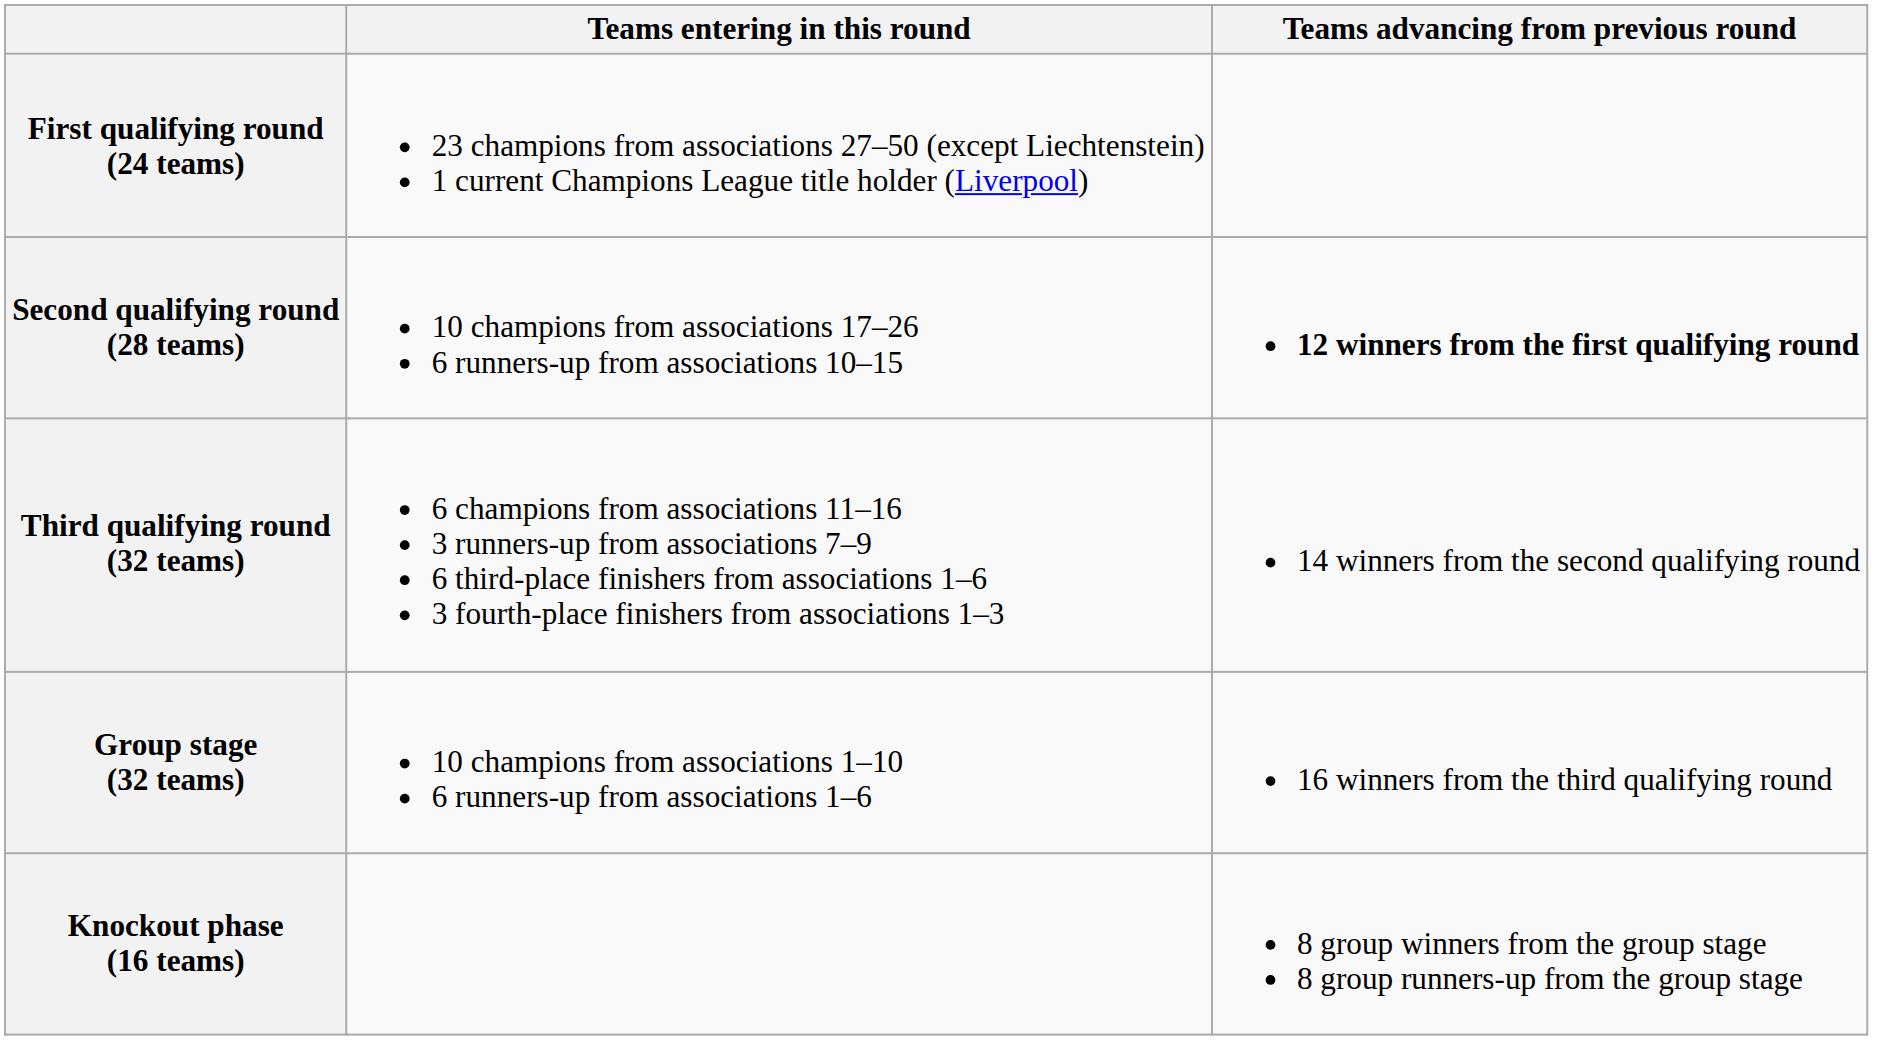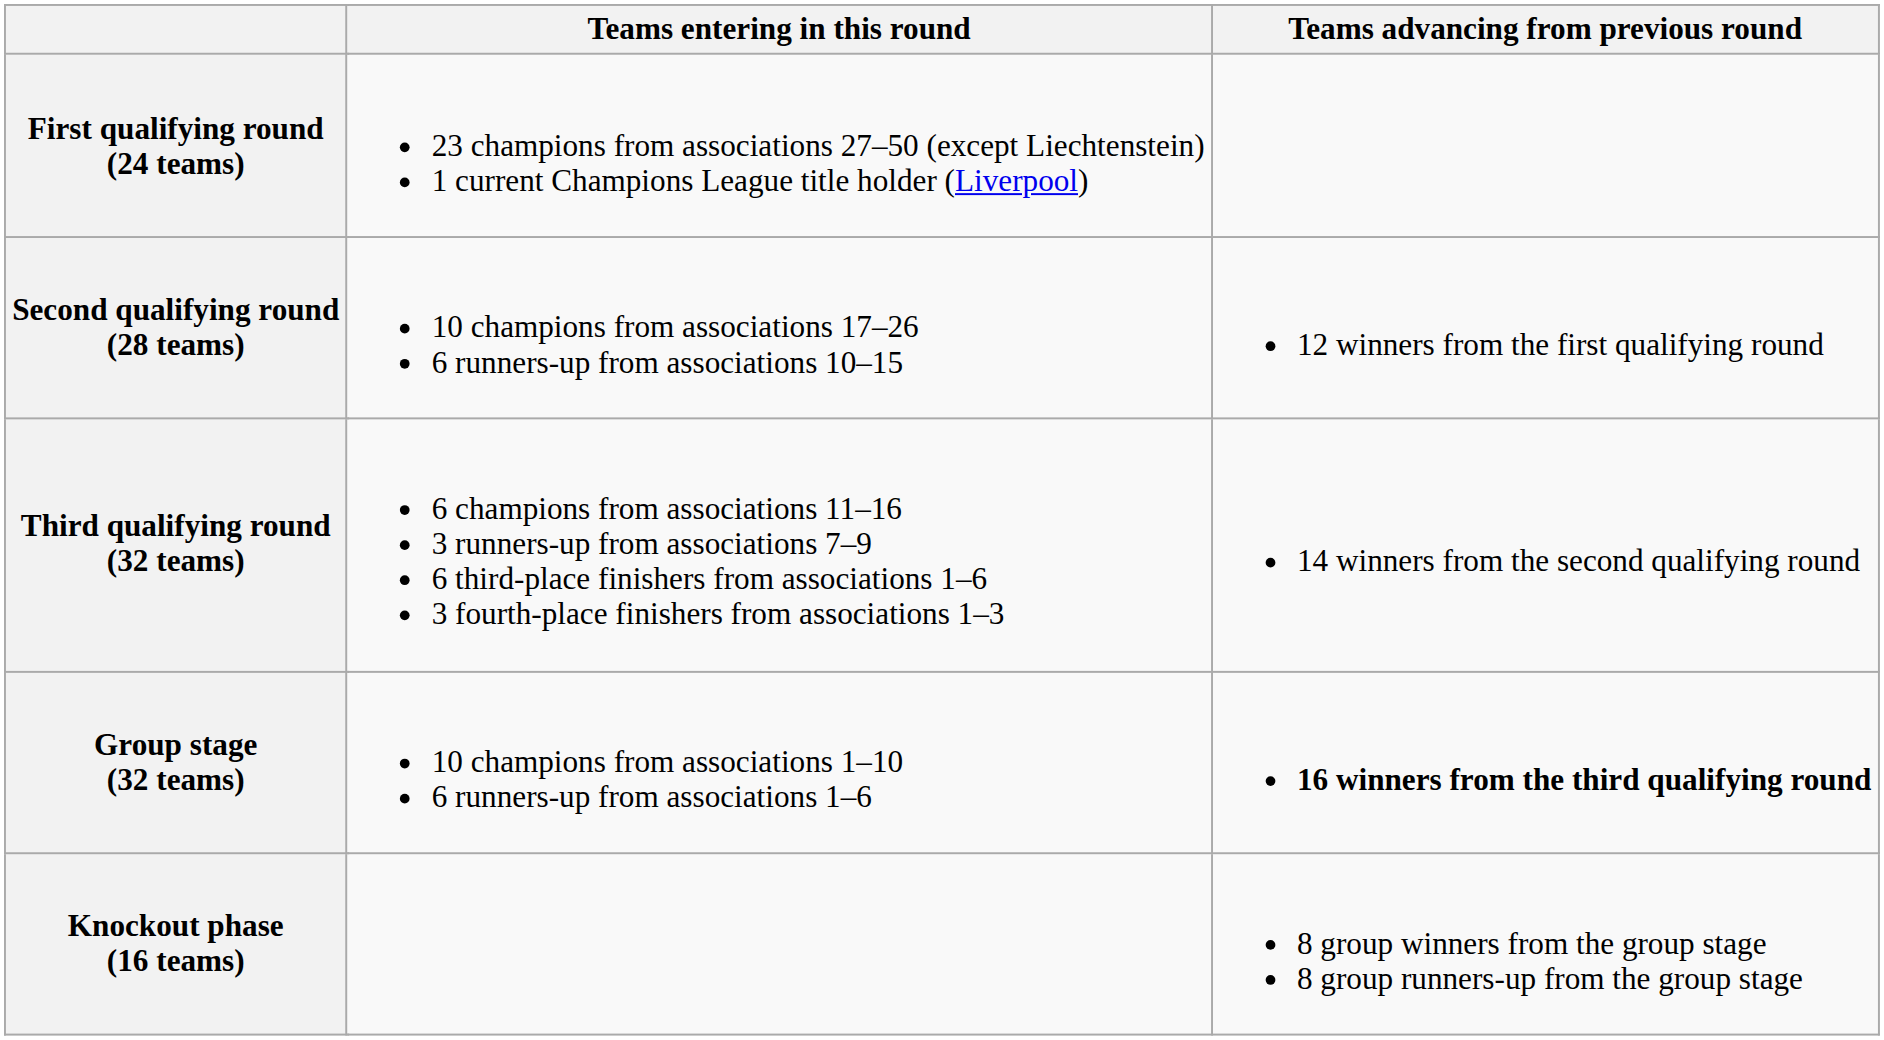 <table class="wikitable">
 <tr>
 <th colspan=2></th>
 <th>Teams entering in this round</th>
 <th>Teams advancing from previous round</th>
 </tr>
 <tr>
 <th colspan=2>First qualifying round<br>(24 teams)</th>
 <td><br><ul><li>23 champions from associations 27–50 (except Liechtenstein)</li><li>1 current Champions League title holder (<a href='#'>Liverpool</a>)</li></ul></td>
 <td></td>
 </tr>
 <tr>
 <th colspan=2>Second qualifying round<br>(28 teams)</th>
 <td><br><ul><li>10 champions from associations 17–26</li><li>6 runners-up from associations 10–15</li></ul></td>
-<td><strong><br><ul><li>12 winners from the first qualifying round</li></ul></strong></td>
+<td><br><ul><li>12 winners from the first qualifying round</li></ul></td>
 </tr>
 <tr>
 <th colspan=2>Third qualifying round<br>(32 teams)</th>
 <td><br><ul><li>6 champions from associations 11–16</li><li>3 runners-up from associations 7–9</li><li>6 third-place finishers from associations 1–6</li><li>3 fourth-place finishers from associations 1–3</li></ul></td>
 <td><br><ul><li>14 winners from the second qualifying round</li></ul></td>
 </tr>
 <tr>
 <th colspan=2>Group stage<br>(32 teams)</th>
 <td><br><ul><li>10 champions from associations 1–10</li><li>6 runners-up from associations 1–6</li></ul></td>
-<td><br><ul><li>16 winners from the third qualifying round</li></ul></td>
+<td><strong><br><ul><li>16 winners from the third qualifying round</li></ul></strong></td>
 </tr>
 <tr>
 <th colspan=2>Knockout phase<br>(16 teams)</th>
 <td></td>
 <td><br><ul><li>8 group winners from the group stage</li><li>8 group runners-up from the group stage</li></ul></td>
 </tr>
 </table>
